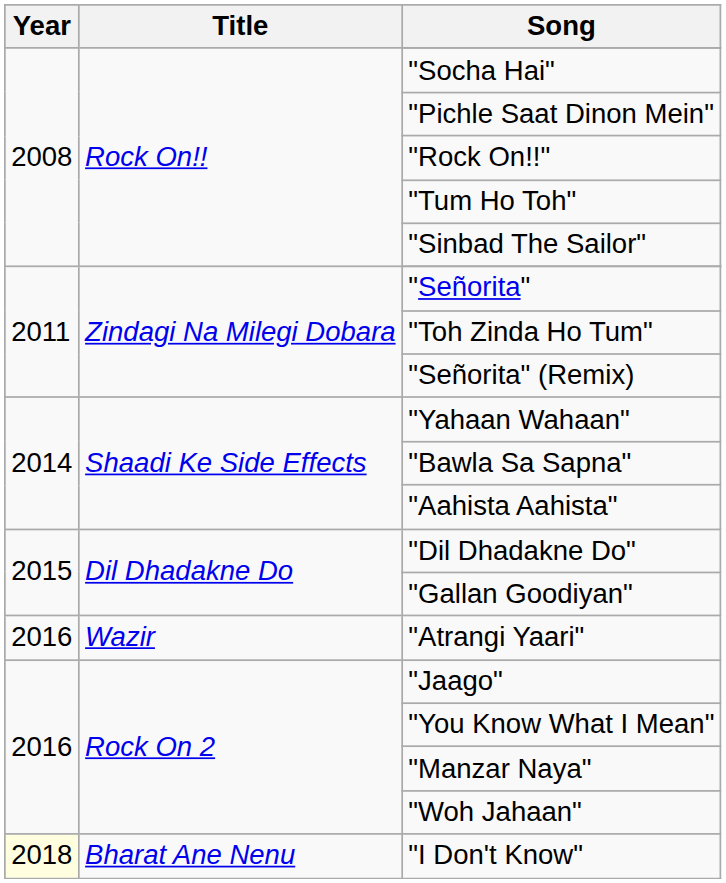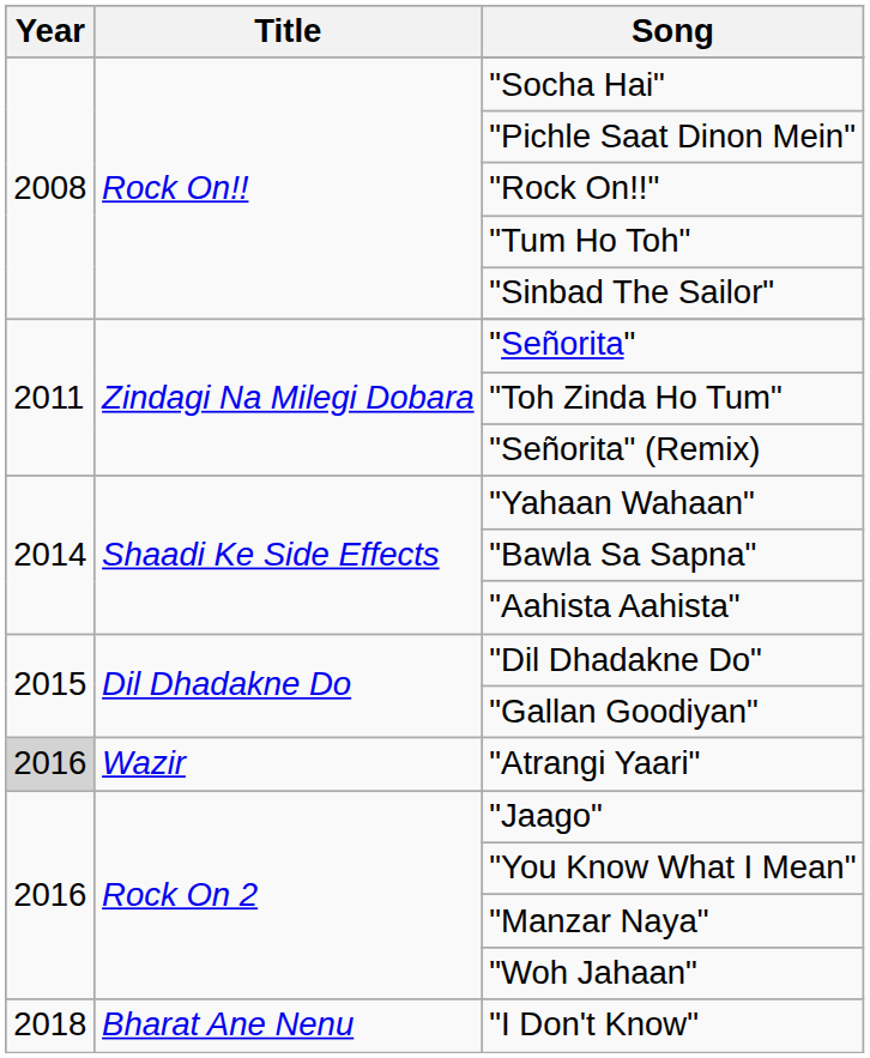 <table class="wikitable">
 <tr>
 <th>Year</th>
 <th>Title</th>
 <th>Song</th>
 </tr>
 <tr>
 <td rowspan=6>2008</td>
 <td rowspan=6><em><a href='#'>Rock On!!</a></em></td>
 </tr>
 <tr>
 <td>"Socha Hai"</td>
 </tr>
 <tr>
 <td>"Pichle Saat Dinon Mein"</td>
 </tr>
 <tr>
 <td>"Rock On!!"</td>
 </tr>
 <tr>
 <td>"Tum Ho Toh"</td>
 </tr>
 <tr>
 <td>"Sinbad The Sailor"</td>
 </tr>
 <tr>
 <td rowspan=4>2011</td>
 <td rowspan=4><em><a href='#'>Zindagi Na Milegi Dobara</a></em></td>
 </tr>
 <tr>
 <td>"<a href='#'>Señorita</a>"</td>
 </tr>
 <tr>
 <td>"Toh Zinda Ho Tum"</td>
 </tr>
 <tr>
 <td>"Señorita" (Remix)</td>
 </tr>
 <tr>
 <td rowspan=3>2014</td>
 <td rowspan=3><em><a href='#'>Shaadi Ke Side Effects</a></em></td>
 <td>"Yahaan Wahaan"</td>
 </tr>
 <tr>
 <td>"Bawla Sa Sapna"</td>
 </tr>
 <tr>
 <td>"Aahista Aahista"</td>
 </tr>
 <tr>
 <td rowspan=2>2015</td>
 <td rowspan=2><em><a href='#'>Dil Dhadakne Do</a></em></td>
 <td>"Dil Dhadakne Do"</td>
 </tr>
 <tr>
 <td>"Gallan Goodiyan"</td>
 </tr>
 <tr>
-<td>2016</td>
+<td style="background: lightgrey;">2016</td>
 <td><em><a href='#'>Wazir</a></em></td>
 <td>"Atrangi Yaari"</td>
 </tr>
 <tr>
 <td rowspan=4>2016</td>
 <td rowspan=4><em><a href='#'>Rock On 2</a></em></td>
 <td>"Jaago"</td>
 </tr>
 <tr>
 <td>"You Know What I Mean"</td>
 </tr>
 <tr>
 <td>"Manzar Naya"</td>
 </tr>
 <tr>
 <td>"Woh Jahaan"</td>
 </tr>
 <tr>
-<td style="background: lightyellow;">2018</td>
+<td>2018</td>
 <td><em><a href='#'>Bharat Ane Nenu</a></em></td>
 <td>"I Don't Know"</td>
 </tr>
 </table>
